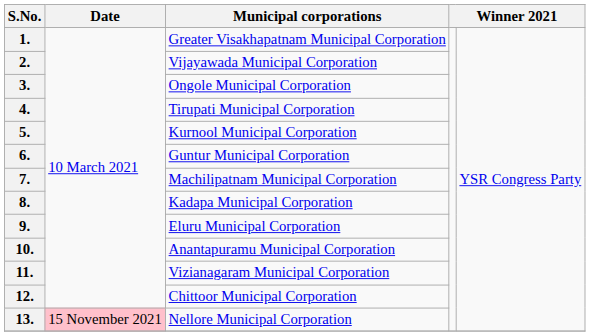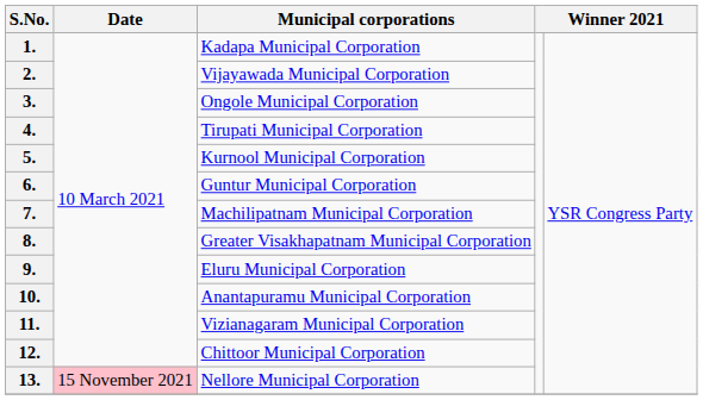 <table class="wikitable sortable">
 <tr>
 <th>S.No.</th>
 <th>Date</th>
 <th>Municipal corporations</th>
 <th colspan="2">Winner 2021</th>
 </tr>
 <tr>
 <th>1.</th>
 <td rowspan="12"><a href='#'>10 March 2021</a></td>
-<td><a href='#'>Greater Visakhapatnam Municipal Corporation</a></td>
+<td><a href='#'>Kadapa Municipal Corporation</a></td>
 <td rowspan="13"></td>
 <td rowspan="13"><a href='#'>YSR Congress Party</a></td>
 </tr>
 <tr>
 <th>2.</th>
 <td><a href='#'>Vijayawada Municipal Corporation</a></td>
 </tr>
 <tr>
 <th>3.</th>
 <td><a href='#'>Ongole Municipal Corporation</a></td>
 </tr>
 <tr>
 <th>4.</th>
 <td><a href='#'>Tirupati Municipal Corporation</a></td>
 </tr>
 <tr>
 <th>5.</th>
 <td><a href='#'>Kurnool Municipal Corporation</a></td>
 </tr>
 <tr>
 <th>6.</th>
 <td><a href='#'>Guntur Municipal Corporation</a></td>
 </tr>
 <tr>
 <th>7.</th>
 <td><a href='#'>Machilipatnam Municipal Corporation</a></td>
 </tr>
 <tr>
 <th>8.</th>
-<td><a href='#'>Kadapa Municipal Corporation</a></td>
+<td><a href='#'>Greater Visakhapatnam Municipal Corporation</a></td>
 </tr>
 <tr>
 <th>9.</th>
 <td><a href='#'>Eluru Municipal Corporation</a></td>
 </tr>
 <tr>
 <th>10.</th>
 <td><a href='#'>Anantapuramu Municipal Corporation</a></td>
 </tr>
 <tr>
 <th>11.</th>
 <td><a href='#'>Vizianagaram Municipal Corporation</a></td>
 </tr>
 <tr>
 <th>12.</th>
 <td><a href='#'>Chittoor Municipal Corporation</a></td>
 </tr>
 <tr>
 <th>13.</th>
 <td style="background: pink;">15 November 2021</td>
 <td><a href='#'>Nellore Municipal Corporation</a></td>
 </tr>
 <tr>
 </tr>
 </table>
